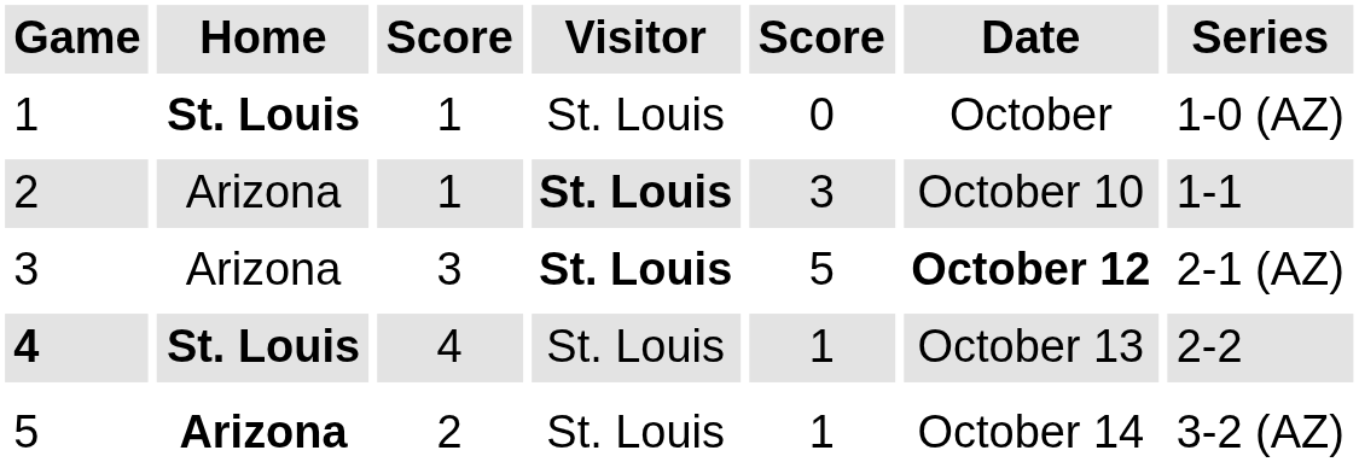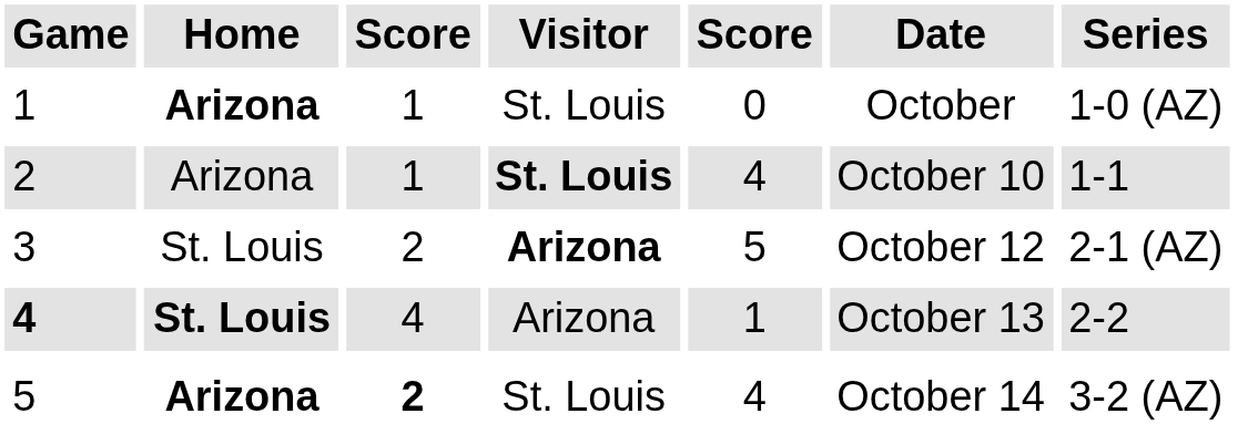 <table border="0" cellspacing="3" cellpadding="3">
 <tr style="background: #e3e3e3;">
 <th>Game</th>
 <th>Home</th>
 <th>Score</th>
 <th>Visitor</th>
 <th>Score</th>
 <th>Date</th>
 <th>Series</th>
 </tr>
 <tr>
 <td>1</td>
-<td align="center"><strong>St. Louis</strong></td>
+<td align="center"><strong>Arizona</strong></td>
 <td align="center">1</td>
 <td align="center">St. Louis</td>
 <td align="center">0</td>
 <td align="center">October</td>
 <td>1-0 (AZ)</td>
 </tr>
 <tr style="background: #e3e3e3;">
 <td>2</td>
 <td align="center">Arizona</td>
 <td align="center">1</td>
 <td align="center"><strong>St. Louis</strong></td>
-<td align="center">3</td>
+<td align="center">4</td>
 <td align="center">October 10</td>
 <td>1-1</td>
 </tr>
 <tr>
 <td>3</td>
-<td align="center">Arizona</td>
-<td align="center">3</td>
-<td align="center"><strong>St. Louis</strong></td>
+<td align="center">St. Louis</td>
+<td align="center">2</td>
+<td align="center"><strong>Arizona</strong></td>
 <td align="center">5</td>
-<td align="center"><strong>October 12</strong></td>
+<td align="center">October 12</td>
 <td>2-1 (AZ)</td>
 </tr>
 <tr style="background: #e3e3e3;">
 <td><strong>4</strong></td>
 <td align="center"><strong>St. Louis</strong></td>
 <td align="center">4</td>
-<td align="center">St. Louis</td>
+<td align="center">Arizona</td>
 <td align="center">1</td>
 <td align="center">October 13</td>
 <td>2-2</td>
 </tr>
 <tr>
 </tr>
 <tr>
 <td>5</td>
 <td align="center"><strong>Arizona</strong></td>
-<td align="center">2</td>
+<td align="center"><strong>2</strong></td>
 <td align="center">St. Louis</td>
-<td align="center">1</td>
+<td align="center">4</td>
 <td align="center">October 14</td>
 <td>3-2 (AZ)</td>
 </tr>
 <tr>
 </tr>
 </table>
